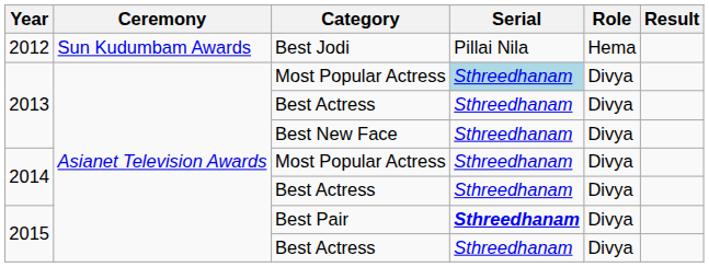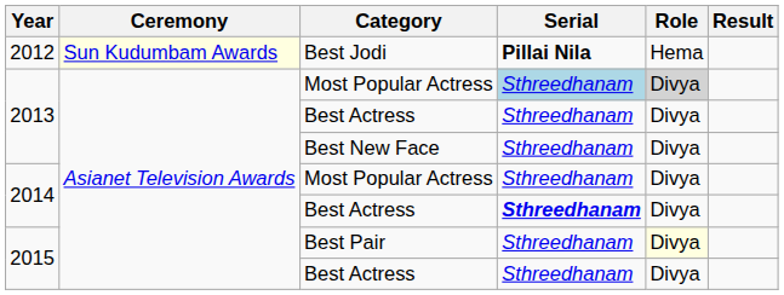 <table class="wikitable plainrowheaders">
 <tr>
 <th scope="col">Year</th>
 <th scope="col">Ceremony</th>
 <th scope="col">Category</th>
 <th scope="col">Serial</th>
 <th scope="col">Role</th>
 <th scope="col">Result</th>
 </tr>
 <tr>
 <td rowspan="1">2012</td>
-<td><a href='#'>Sun Kudumbam Awards</a></td>
+<td style="background: lightyellow;"><a href='#'>Sun Kudumbam Awards</a></td>
 <td>Best Jodi</td>
-<td>Pillai Nila</td>
+<td><strong>Pillai Nila</strong></td>
 <td>Hema</td>
 <td></td>
 </tr>
 <tr>
 <td rowspan="3">2013</td>
 <td rowspan="7"><em><a href='#'>Asianet Television Awards</a></em></td>
 <td>Most Popular Actress</td>
 <td style="background: lightblue;"><em><a href='#'>Sthreedhanam</a></em></td>
-<td>Divya</td>
+<td style="background: lightgrey;">Divya</td>
 <td></td>
 </tr>
 <tr>
 <td>Best Actress</td>
 <td><em><a href='#'>Sthreedhanam</a></em></td>
 <td>Divya</td>
 <td></td>
 </tr>
 <tr>
 <td>Best New Face</td>
 <td><em><a href='#'>Sthreedhanam</a></em></td>
 <td>Divya</td>
 <td></td>
 </tr>
 <tr>
 <td rowspan="2">2014</td>
 <td>Most Popular Actress</td>
 <td><em><a href='#'>Sthreedhanam</a></em></td>
 <td>Divya</td>
 <td></td>
 </tr>
 <tr>
 <td>Best Actress</td>
-<td><em><a href='#'>Sthreedhanam</a></em></td>
+<td><strong><em><a href='#'>Sthreedhanam</a></em></strong></td>
 <td>Divya</td>
 <td></td>
 </tr>
 <tr>
 <td rowspan="2">2015</td>
 <td>Best Pair</td>
-<td><strong><em><a href='#'>Sthreedhanam</a></em></strong></td>
-<td>Divya</td>
+<td><em><a href='#'>Sthreedhanam</a></em></td>
+<td style="background: lightyellow;">Divya</td>
 <td></td>
 </tr>
 <tr>
 <td>Best Actress</td>
 <td><em><a href='#'>Sthreedhanam</a></em></td>
 <td>Divya</td>
 <td></td>
 </tr>
 </table>
